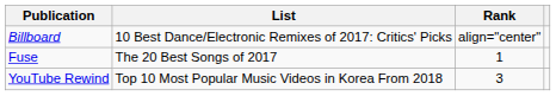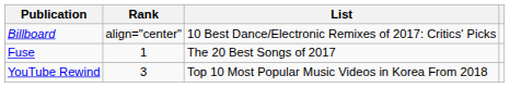 <table class="wikitable plainrowheaders sortable">
 <tr>
 <th>Publication</th>
+<th>Rank</th>
 <th>List</th>
-<th>Rank</th>
 <th></th>
 </tr>
 <tr>
 <td><em><a href='#'>Billboard</a></em></td>
+<td>align="center" </td>
 <td>10 Best Dance/Electronic Remixes of 2017: Critics' Picks</td>
-<td>align="center" </td>
 <td style="text-align:center;"></td>
 </tr>
 <tr>
 <td><a href='#'>Fuse</a></td>
+<td align="center">1</td>
 <td>The 20 Best Songs of 2017</td>
-<td align="center">1</td>
 <td style="text-align:center;"></td>
 </tr>
 <tr>
 <td><a href='#'>YouTube Rewind</a></td>
+<td align="center">3</td>
 <td>Top 10 Most Popular Music Videos in Korea From 2018</td>
-<td align="center">3</td>
 <td style="text-align:center;"></td>
 </tr>
 </table>
